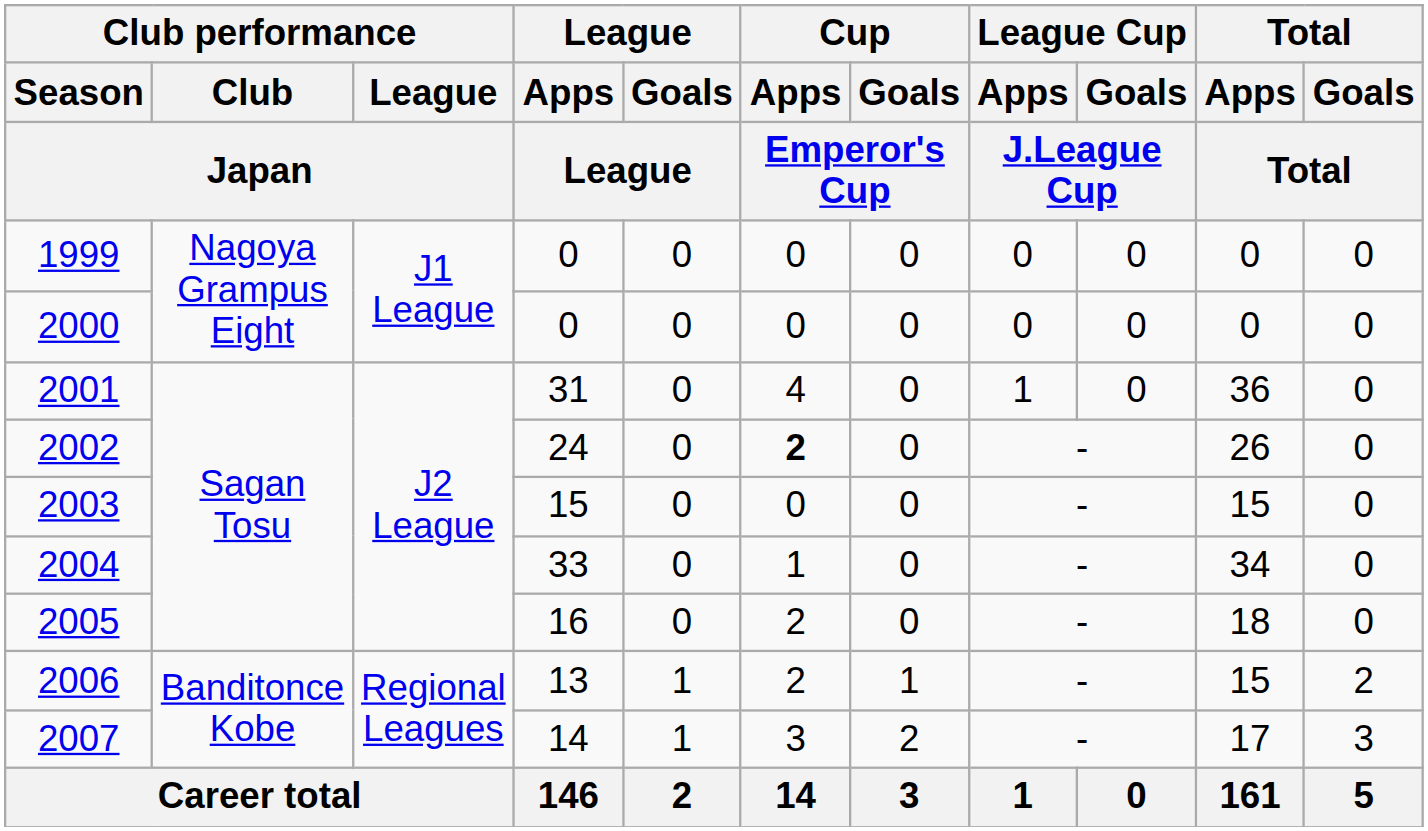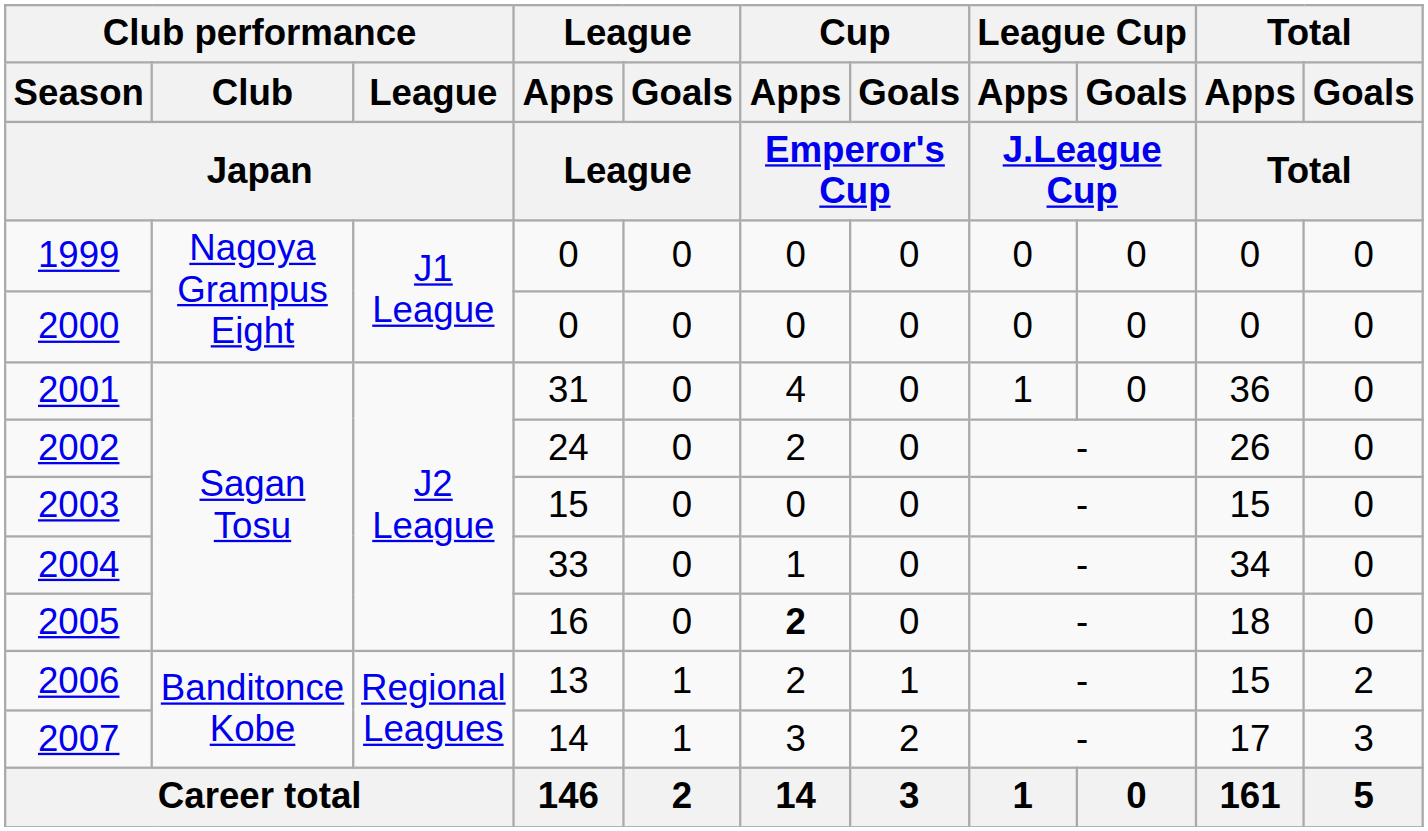 <table class="wikitable" style="text-align:center">
 <tr>
 <th colspan=3>Club performance</th>
 <th colspan=2>League</th>
 <th colspan=2>Cup</th>
 <th colspan=2>League Cup</th>
 <th colspan=2>Total</th>
 </tr>
 <tr>
 <th>Season</th>
 <th>Club</th>
 <th>League</th>
 <th>Apps</th>
 <th>Goals</th>
 <th>Apps</th>
 <th>Goals</th>
 <th>Apps</th>
 <th>Goals</th>
 <th>Apps</th>
 <th>Goals</th>
 </tr>
 <tr>
 <th colspan=3>Japan</th>
 <th colspan=2>League</th>
 <th colspan=2><a href='#'>Emperor's Cup</a></th>
 <th colspan=2><a href='#'>J.League Cup</a></th>
 <th colspan=2>Total</th>
 </tr>
 <tr>
 <td><a href='#'>1999</a></td>
 <td rowspan="2"><a href='#'>Nagoya Grampus Eight</a></td>
 <td rowspan="2"><a href='#'>J1 League</a></td>
 <td>0</td>
 <td>0</td>
 <td>0</td>
 <td>0</td>
 <td>0</td>
 <td>0</td>
 <td>0</td>
 <td>0</td>
 </tr>
 <tr>
 <td><a href='#'>2000</a></td>
 <td>0</td>
 <td>0</td>
 <td>0</td>
 <td>0</td>
 <td>0</td>
 <td>0</td>
 <td>0</td>
 <td>0</td>
 </tr>
 <tr>
 <td><a href='#'>2001</a></td>
 <td rowspan="5"><a href='#'>Sagan Tosu</a></td>
 <td rowspan="5"><a href='#'>J2 League</a></td>
 <td>31</td>
 <td>0</td>
 <td>4</td>
 <td>0</td>
 <td>1</td>
 <td>0</td>
 <td>36</td>
 <td>0</td>
 </tr>
 <tr>
 <td><a href='#'>2002</a></td>
 <td>24</td>
 <td>0</td>
-<td><strong>2</strong></td>
+<td>2</td>
 <td>0</td>
 <td colspan="2">-</td>
 <td>26</td>
 <td>0</td>
 </tr>
 <tr>
 <td><a href='#'>2003</a></td>
 <td>15</td>
 <td>0</td>
 <td>0</td>
 <td>0</td>
 <td colspan="2">-</td>
 <td>15</td>
 <td>0</td>
 </tr>
 <tr>
 <td><a href='#'>2004</a></td>
 <td>33</td>
 <td>0</td>
 <td>1</td>
 <td>0</td>
 <td colspan="2">-</td>
 <td>34</td>
 <td>0</td>
 </tr>
 <tr>
 <td><a href='#'>2005</a></td>
 <td>16</td>
 <td>0</td>
-<td>2</td>
+<td><strong>2</strong></td>
 <td>0</td>
 <td colspan="2">-</td>
 <td>18</td>
 <td>0</td>
 </tr>
 <tr>
 <td><a href='#'>2006</a></td>
 <td rowspan="2"><a href='#'>Banditonce Kobe</a></td>
 <td rowspan="2"><a href='#'>Regional Leagues</a></td>
 <td>13</td>
 <td>1</td>
 <td>2</td>
 <td>1</td>
 <td colspan="2">-</td>
 <td>15</td>
 <td>2</td>
 </tr>
 <tr>
 <td><a href='#'>2007</a></td>
 <td>14</td>
 <td>1</td>
 <td>3</td>
 <td>2</td>
 <td colspan="2">-</td>
 <td>17</td>
 <td>3</td>
 </tr>
 <tr>
 <th colspan=3>Career total</th>
 <th>146</th>
 <th>2</th>
 <th>14</th>
 <th>3</th>
 <th>1</th>
 <th>0</th>
 <th>161</th>
 <th>5</th>
 </tr>
 </table>
